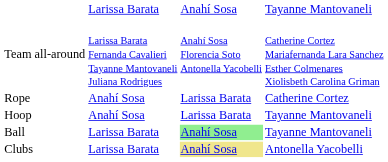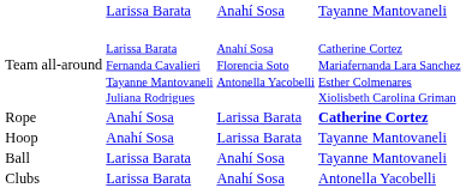 <table>
 <tr>
 <td> <br></td>
 <td><a href='#'>Larissa Barata</a><br></td>
 <td><a href='#'>Anahí Sosa</a><br></td>
 <td><a href='#'>Tayanne Mantovaneli</a><br></td>
 </tr>
 <tr>
 <td>Team all-around<br></td>
 <td><br><small><a href='#'>Larissa Barata</a><br><a href='#'>Fernanda Cavalieri</a><br><a href='#'>Tayanne Mantovaneli</a><br><a href='#'>Juliana Rodrigues</a></small></td>
 <td><br><small><a href='#'>Anahí Sosa</a><br><a href='#'>Florencia Soto</a><br><a href='#'>Antonella Yacobelli</a><br><br></small></td>
 <td><br><small><a href='#'>Catherine Cortez</a><br><a href='#'>Mariafernanda Lara Sanchez</a><br><a href='#'>Esther Colmenares</a><br><a href='#'>Xiolisbeth Carolina Griman</a><br></small></td>
 </tr>
 <tr>
 <td>Rope <br></td>
 <td><a href='#'>Anahí Sosa</a><br></td>
 <td><a href='#'>Larissa Barata</a><br></td>
-<td><a href='#'>Catherine Cortez</a><br></td>
+<td><strong><a href='#'>Catherine Cortez</a><br></strong></td>
 </tr>
 <tr>
 <td>Hoop <br></td>
 <td><a href='#'>Anahí Sosa</a><br></td>
 <td><a href='#'>Larissa Barata</a><br></td>
 <td><a href='#'>Tayanne Mantovaneli</a><br></td>
 </tr>
 <tr>
 <td>Ball <br></td>
 <td><a href='#'>Larissa Barata</a><br></td>
-<td style="background: lightgreen;"><a href='#'>Anahí Sosa</a><br></td>
+<td><a href='#'>Anahí Sosa</a><br></td>
 <td><a href='#'>Tayanne Mantovaneli</a><br></td>
 </tr>
 <tr>
 <td>Clubs <br></td>
 <td><a href='#'>Larissa Barata</a><br></td>
-<td style="background: khaki;"><a href='#'>Anahí Sosa</a><br></td>
+<td><a href='#'>Anahí Sosa</a><br></td>
 <td><a href='#'>Antonella Yacobelli</a><br></td>
 </tr>
 </table>
